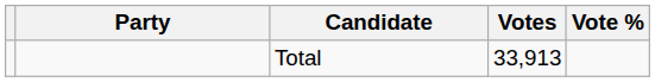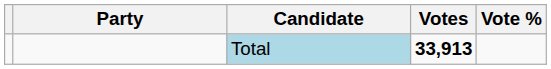 <table class="wikitable">
 <tr>
 <th></th>
 <th scope="col" style="width:175px;">Party</th>
 <th scope="col" style="width:150px;">Candidate</th>
 <th>Votes</th>
 <th>Vote %<br>    </th>
 </tr>
 <tr |>
 <td></td>
 <td></td>
-<td>Total</td>
-<td align=right>33,913</td>
+<td style="background: lightblue;">Total</td>
+<td align=right><strong>33,913</strong></td>
 <td></td>
 </tr>
 </table>
